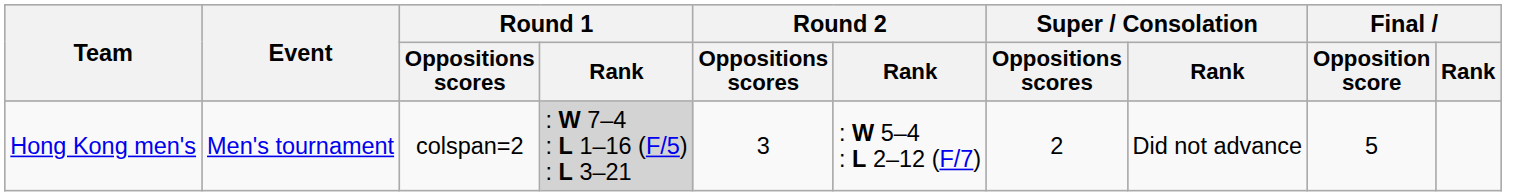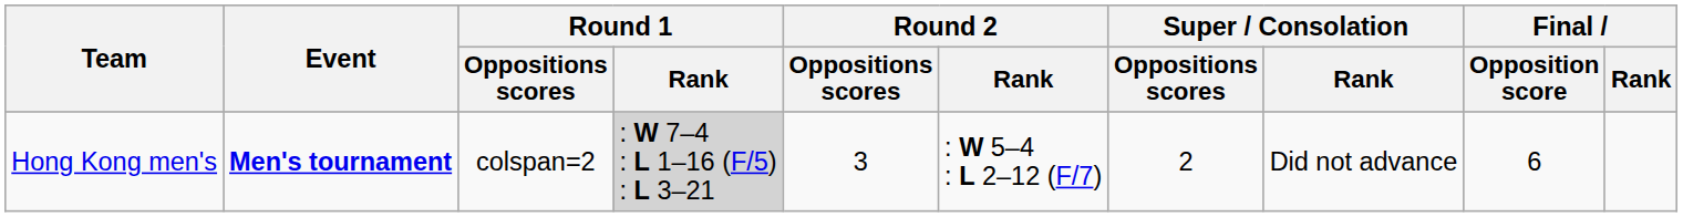 <table class=wikitable style="font-size:90%; text-align:center;">
 <tr>
 <th rowspan=2>Team</th>
 <th rowspan=2>Event</th>
 <th colspan=2>Round 1</th>
 <th colspan=2>Round 2</th>
 <th colspan=2>Super / Consolation</th>
 <th colspan=2>Final / </th>
 </tr>
 <tr style=font-size:95%>
 <th>Oppositions<br> scores</th>
 <th>Rank</th>
 <th>Oppositions<br> scores</th>
 <th>Rank</th>
 <th>Oppositions<br> scores</th>
 <th>Rank</th>
 <th>Opposition<br> score</th>
 <th>Rank</th>
 </tr>
 <tr>
 <td align=left><a href='#'>Hong Kong men's</a></td>
-<td align=left><a href='#'>Men's tournament</a></td>
+<td align=left><strong><a href='#'>Men's tournament</a></strong></td>
 <td>colspan=2 </td>
 <td align=left style="background: lightgrey;">: <strong>W</strong> 7–4<br>: <strong>L</strong> 1–16 (<a href='#'>F/5</a>)<br>: <strong>L</strong> 3–21</td>
 <td>3</td>
 <td align=left>: <strong>W</strong> 5–4<br>: <strong>L</strong> 2–12 (<a href='#'>F/7</a>)</td>
 <td>2</td>
 <td>Did not advance</td>
-<td>5</td>
+<td>6</td>
 </tr>
 </table>
